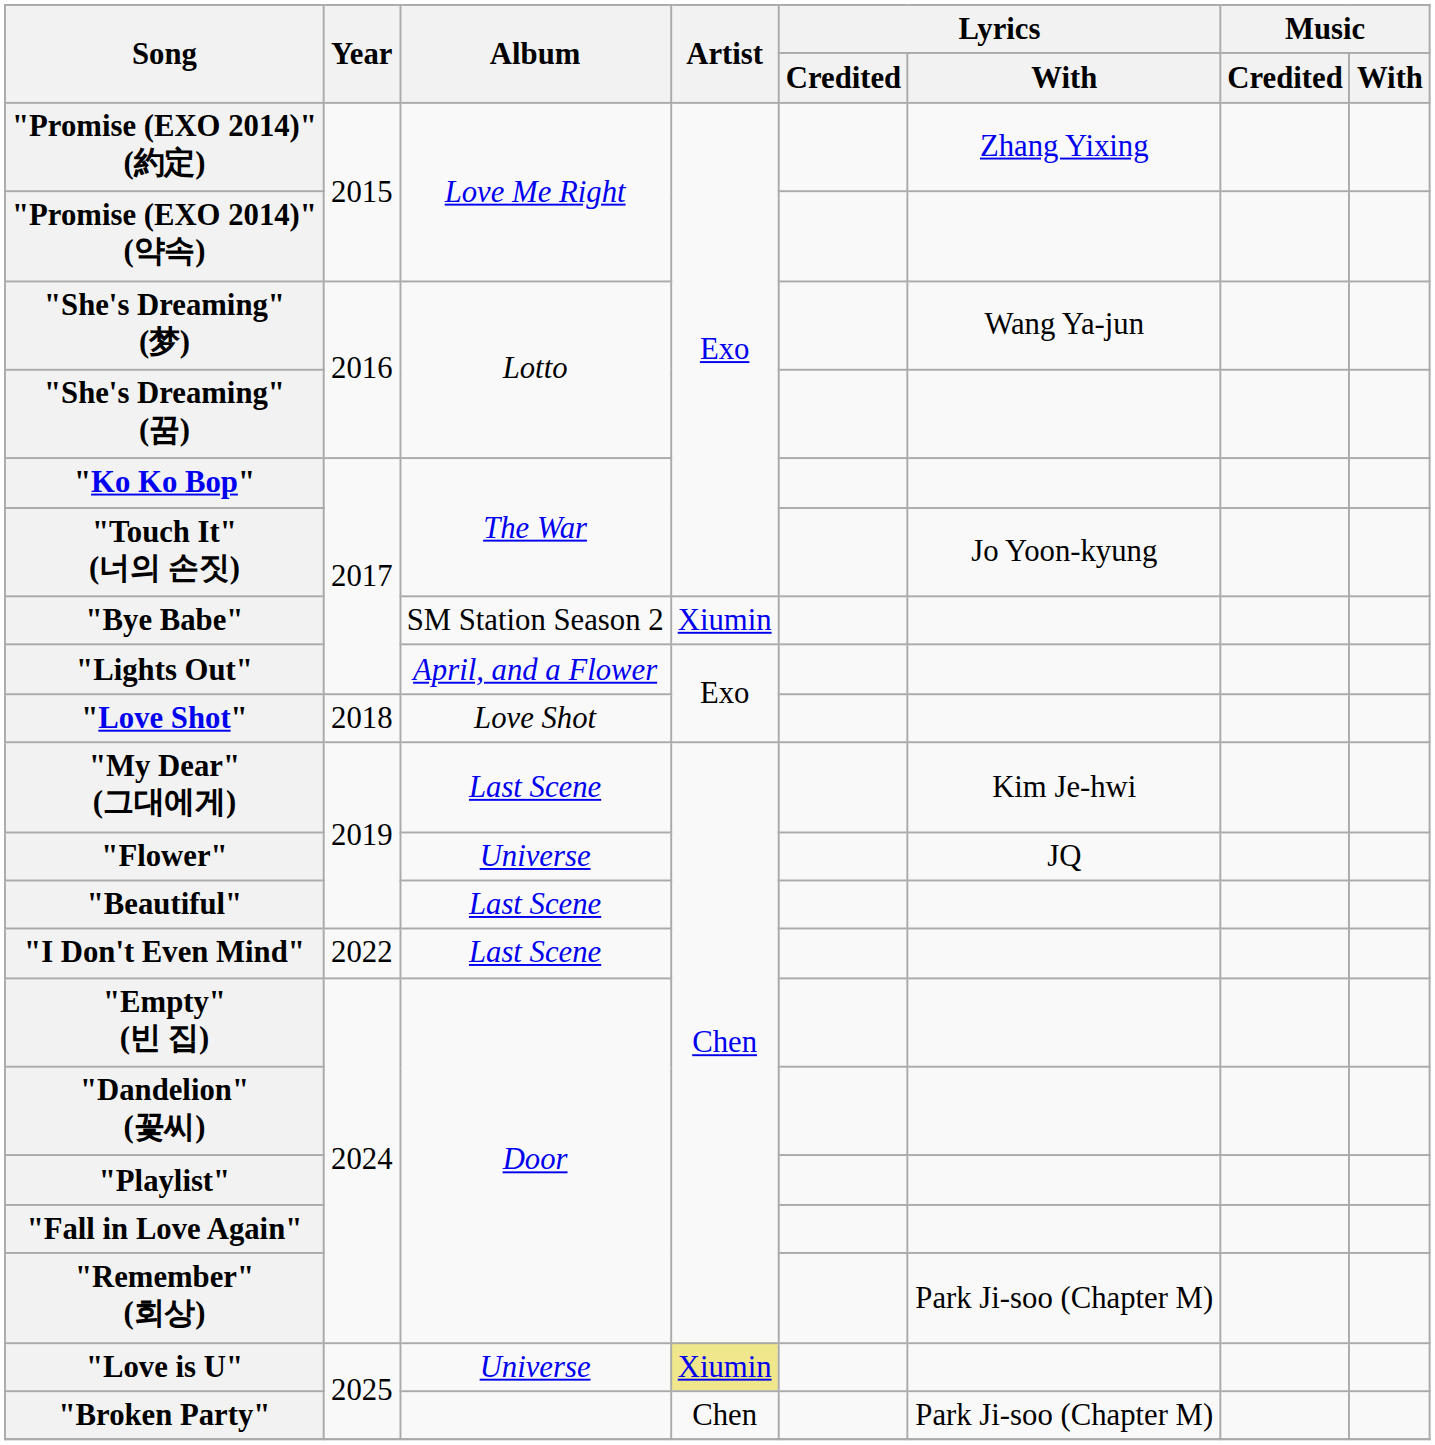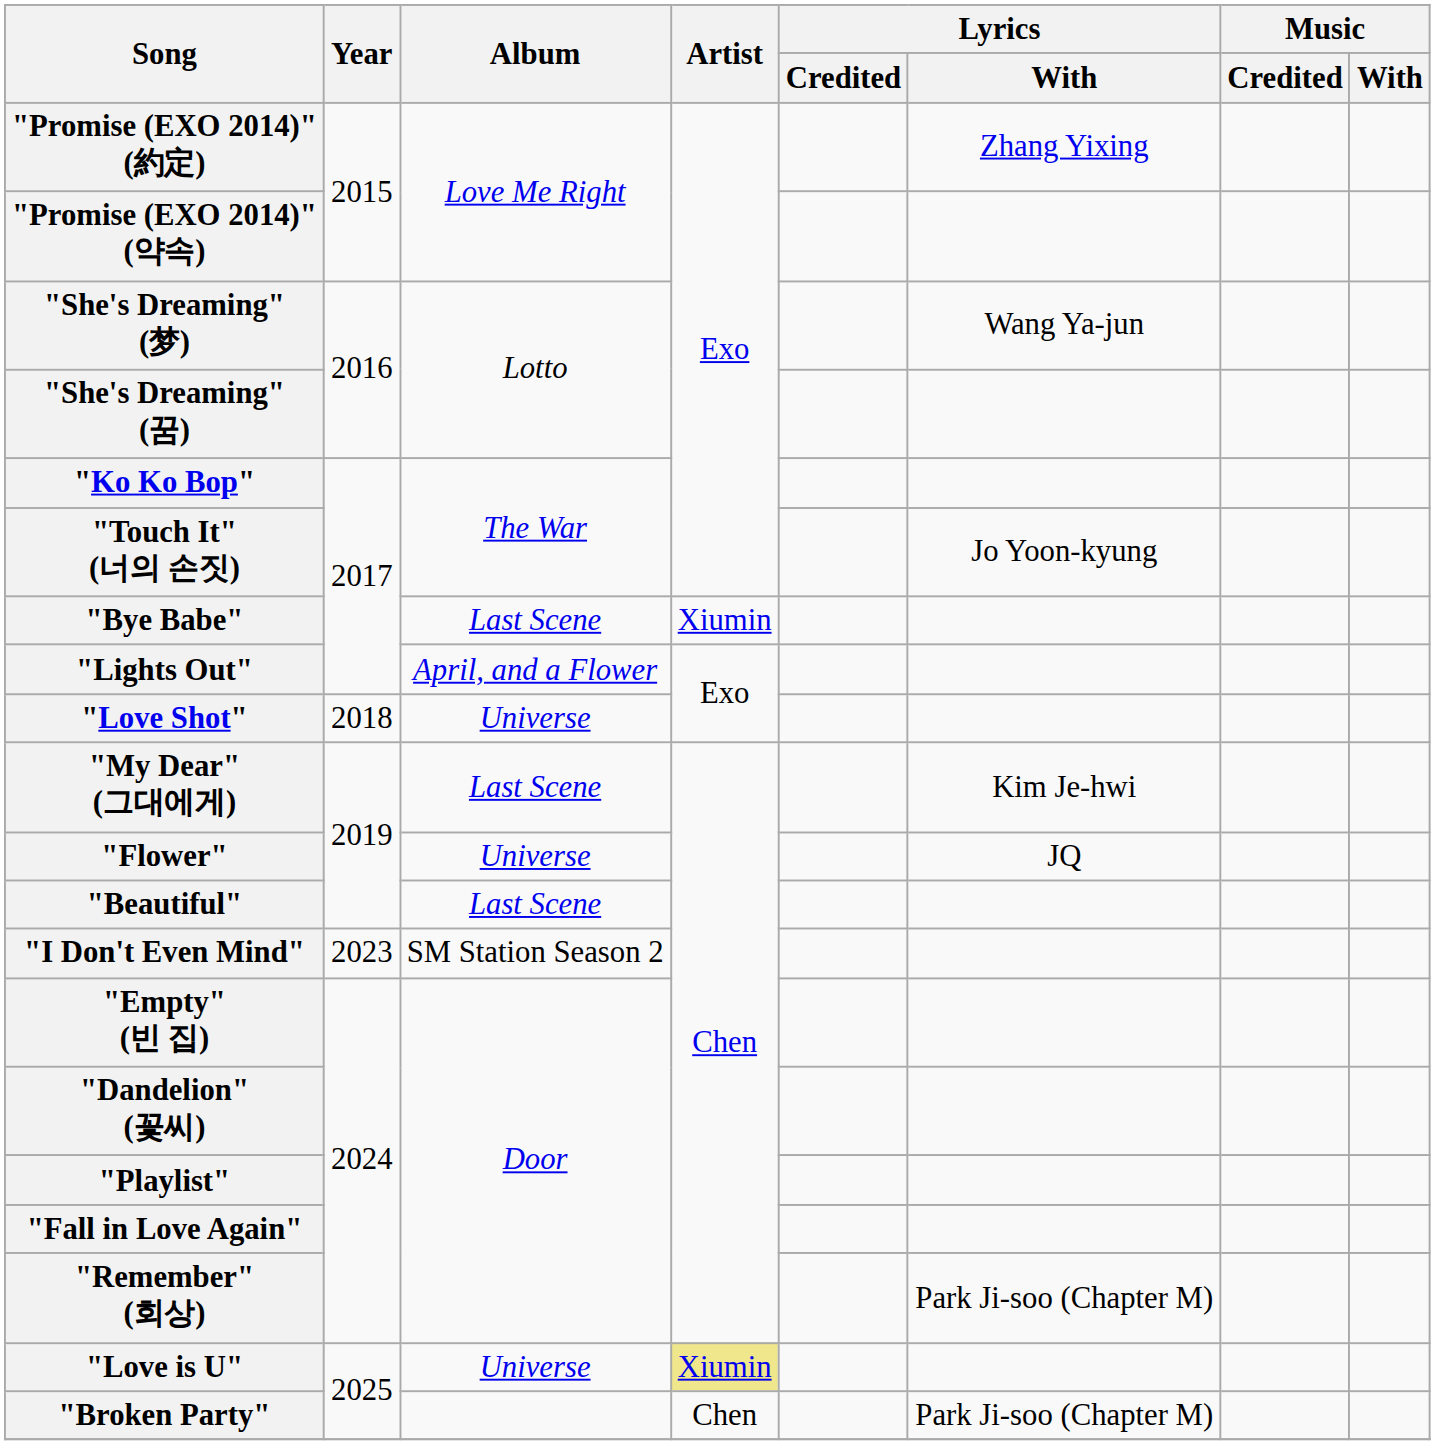 <table class="wikitable plainrowheaders" style="text-align:center">
 <tr>
 <th rowspan="2">Song</th>
 <th rowspan="2">Year</th>
 <th rowspan="2">Album</th>
 <th rowspan="2">Artist</th>
 <th colspan="2">Lyrics</th>
 <th colspan="2">Music</th>
 </tr>
 <tr>
 <th>Credited</th>
 <th>With</th>
 <th>Credited</th>
 <th>With</th>
 </tr>
 <tr>
 <th scope="row">"Promise (EXO 2014)"<br>(約定)</th>
 <td rowspan="2">2015</td>
 <td rowspan="2"><em><a href='#'>Love Me Right</a></em></td>
 <td rowspan="6"><a href='#'>Exo</a></td>
 <td></td>
 <td><a href='#'>Zhang Yixing</a></td>
 <td></td>
 <td></td>
 </tr>
 <tr>
 <th scope="row">"Promise (EXO 2014)"<br>(약속)</th>
 <td></td>
 <td></td>
 <td></td>
 <td></td>
 </tr>
 <tr>
 <th scope="row">"She's Dreaming"<br>(梦)</th>
 <td rowspan="2">2016</td>
 <td rowspan="2"><em>Lotto</em></td>
 <td></td>
 <td>Wang Ya-jun</td>
 <td></td>
 <td></td>
 </tr>
 <tr>
 <th scope="row">"She's Dreaming"<br>(꿈)</th>
 <td></td>
 <td></td>
 <td></td>
 <td></td>
 </tr>
 <tr>
 <th scope="row">"<a href='#'>Ko Ko Bop</a>"<br></th>
 <td rowspan="4">2017</td>
 <td rowspan="2"><em><a href='#'>The War</a></em></td>
 <td></td>
 <td></td>
 <td></td>
 <td></td>
 </tr>
 <tr>
 <th scope="row">"Touch It"<br>(너의 손짓)</th>
 <td></td>
 <td>Jo Yoon-kyung</td>
 <td></td>
 <td></td>
 </tr>
 <tr>
 <th scope="row">"Bye Babe"</th>
-<td>SM Station Season 2</td>
+<td><em><a href='#'>Last Scene</a></em></td>
 <td><a href='#'>Xiumin</a></td>
 <td></td>
 <td></td>
 <td></td>
 <td></td>
 </tr>
 <tr>
 <th scope="row">"Lights Out"</th>
 <td><em><a href='#'>April, and a Flower</a></em></td>
 <td rowspan="2">Exo</td>
 <td></td>
 <td></td>
 <td></td>
 <td></td>
 </tr>
 <tr>
 <th scope="row">"<a href='#'>Love Shot</a>"</th>
 <td>2018</td>
-<td><em>Love Shot</em></td>
+<td><em><a href='#'>Universe</a></em></td>
 <td></td>
 <td></td>
 <td></td>
 <td></td>
 </tr>
 <tr>
 <th scope="row">"My Dear"<br>(그대에게)</th>
 <td rowspan="3">2019</td>
 <td><em><a href='#'>Last Scene</a></em></td>
 <td rowspan="9"><a href='#'>Chen</a></td>
 <td></td>
 <td>Kim Je-hwi</td>
 <td></td>
 <td></td>
 </tr>
 <tr>
 <th scope="row">"Flower"</th>
 <td><em><a href='#'>Universe</a></em></td>
 <td></td>
 <td>JQ</td>
 <td></td>
 <td></td>
 </tr>
 <tr>
 <th scope="row">"Beautiful"</th>
 <td><em><a href='#'>Last Scene</a></em></td>
 <td></td>
 <td></td>
 <td></td>
 <td></td>
 </tr>
 <tr>
 <th scope="row">"I Don't Even Mind"</th>
-<td>2022</td>
-<td><em><a href='#'>Last Scene</a></em></td>
+<td>2023</td>
+<td>SM Station Season 2</td>
 <td></td>
 <td></td>
 <td></td>
 <td></td>
 </tr>
 <tr>
 <th scope="row">"Empty"<br>(빈 집)</th>
 <td rowspan="5">2024</td>
 <td rowspan="5"><em><a href='#'>Door</a></em></td>
 <td></td>
 <td></td>
 <td></td>
 <td></td>
 </tr>
 <tr>
 <th scope="row">"Dandelion"<br>(꽃씨)</th>
 <td></td>
 <td></td>
 <td></td>
 <td></td>
 </tr>
 <tr>
 <th scope="row">"Playlist"</th>
 <td></td>
 <td></td>
 <td></td>
 <td></td>
 </tr>
 <tr>
 <th scope="row">"Fall in Love Again"</th>
 <td></td>
 <td></td>
 <td></td>
 <td></td>
 </tr>
 <tr>
 <th scope="row">"Remember"<br>(회상)</th>
 <td></td>
 <td>Park Ji-soo (Chapter M)</td>
 <td></td>
 <td></td>
 </tr>
 <tr>
 <th scope="row">"Love is U"</th>
 <td rowspan="2">2025</td>
 <td><em><a href='#'>Universe</a></em></td>
 <td style="background: khaki;"><a href='#'>Xiumin</a></td>
 <td></td>
 <td></td>
 <td></td>
 <td></td>
 </tr>
 <tr>
 <th scope="row">"Broken Party"</th>
 <td></td>
 <td>Chen</td>
 <td></td>
 <td>Park Ji-soo (Chapter M)</td>
 <td></td>
 <td></td>
 </tr>
 <tr>
 </tr>
 </table>
